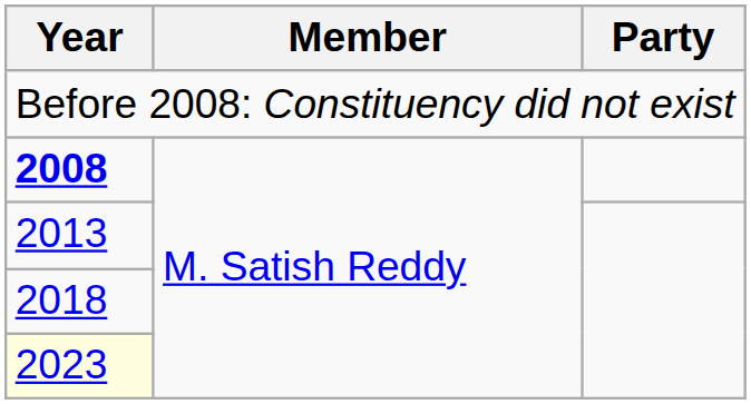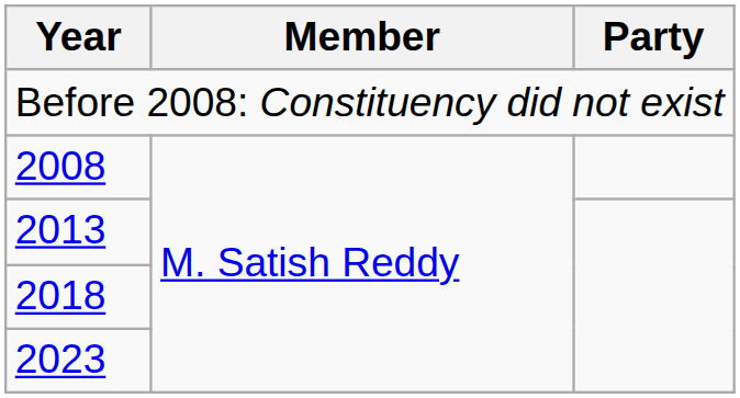 <table class="wikitable sortable">
 <tr>
 <th>Year</th>
 <th>Member</th>
 <th colspan="2">Party</th>
 </tr>
 <tr>
 <td colspan=4>Before 2008: <em>Constituency did not exist</em></td>
 </tr>
 <tr>
-<td><strong><a href='#'>2008</a></strong></td>
+<td><a href='#'>2008</a></td>
 <td rowspan=4><a href='#'>M. Satish Reddy</a></td>
 <td></td>
 </tr>
 <tr>
 <td><a href='#'>2013</a></td>
 </tr>
 <tr>
 <td><a href='#'>2018</a></td>
 </tr>
 <tr>
-<td style="background: lightyellow;"><a href='#'>2023</a></td>
+<td><a href='#'>2023</a></td>
 </tr>
 </table>
